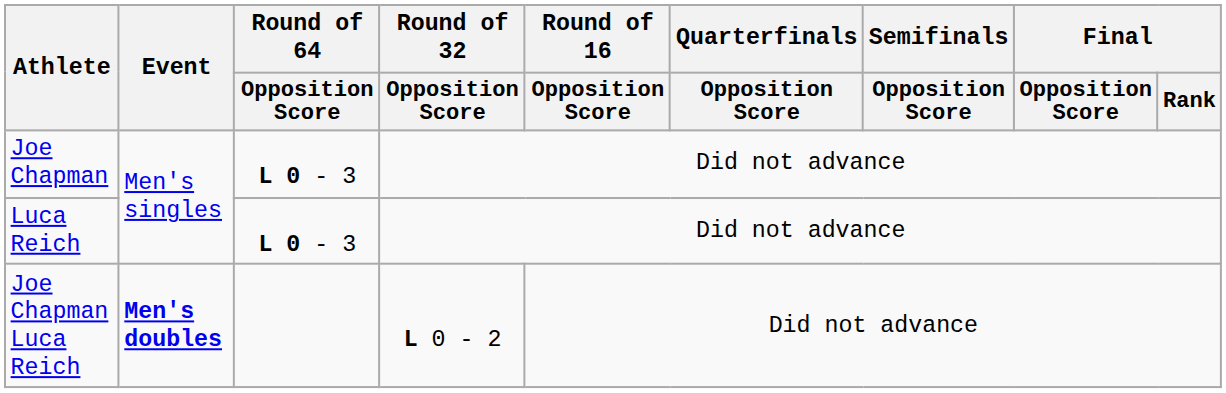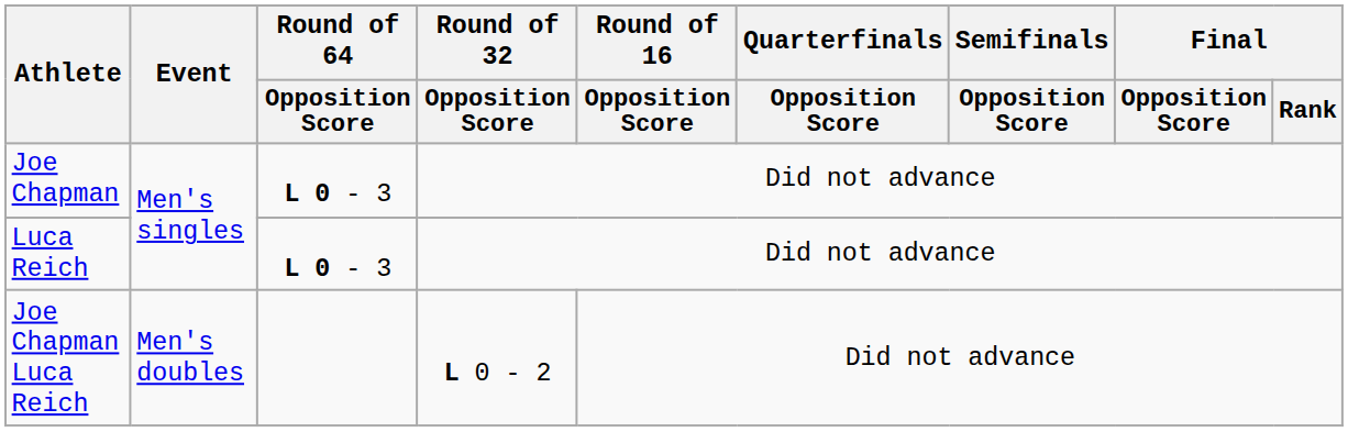 <table class=wikitable style=font-size:90%;text-align:center>
 <tr>
 <th rowspan=2>Athlete</th>
 <th rowspan=2>Event</th>
 <th>Round of 64</th>
 <th>Round of 32</th>
 <th>Round of 16</th>
 <th>Quarterfinals</th>
 <th>Semifinals</th>
 <th colspan=2>Final</th>
 </tr>
 <tr style=font-size:95%>
 <th>Opposition<br>Score</th>
 <th>Opposition<br>Score</th>
 <th>Opposition<br>Score</th>
 <th>Opposition<br>Score</th>
 <th>Opposition<br>Score</th>
 <th>Opposition<br>Score</th>
 <th>Rank</th>
 </tr>
 <tr>
 <td align=left><a href='#'>Joe Chapman</a></td>
 <td align=left rowspan=2><a href='#'>Men's singles</a></td>
 <td><br><strong>L</strong> <strong>0</strong> - 3</td>
 <td colspan=6>Did not advance</td>
 </tr>
 <tr>
 <td align=left><a href='#'>Luca Reich</a></td>
 <td><br><strong>L</strong> <strong>0</strong> - 3</td>
 <td colspan=6>Did not advance</td>
 </tr>
 <tr>
 <td align=left><a href='#'>Joe Chapman</a> <br> <a href='#'>Luca Reich</a></td>
-<td align=left><strong><a href='#'>Men's doubles</a></strong></td>
+<td align=left><a href='#'>Men's doubles</a></td>
 <td></td>
 <td><br><strong>L</strong> 0 - 2</td>
 <td colspan=5>Did not advance</td>
 </tr>
 </table>
